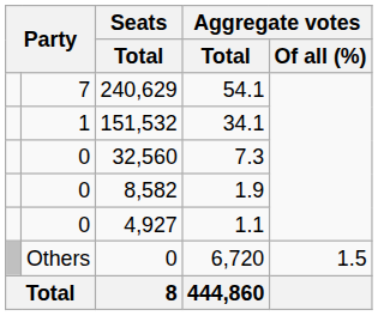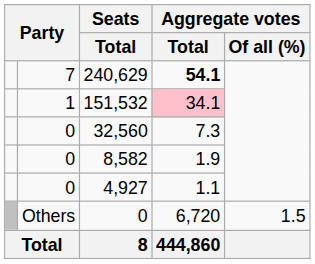 <table class="wikitable" style="text-align:right; font-size:95%;">
 <tr>
 <th colspan="2" rowspan="2">Party</th>
 <th>Seats</th>
 <th colspan="2">Aggregate votes</th>
 </tr>
 <tr>
 <th>Total</th>
 <th>Total</th>
 <th>Of all (%)</th>
 </tr>
 <tr>
 <td></td>
 <td>7</td>
 <td>240,629</td>
-<td>54.1</td>
+<td><strong>54.1</strong></td>
 </tr>
 <tr>
 <td></td>
 <td>1</td>
 <td>151,532</td>
-<td>34.1</td>
+<td style="background: pink;">34.1</td>
 </tr>
 <tr>
 <td></td>
 <td>0</td>
 <td>32,560</td>
 <td>7.3</td>
 </tr>
 <tr>
 <td></td>
 <td>0</td>
 <td>8,582</td>
 <td>1.9</td>
 </tr>
 <tr>
 <td></td>
 <td>0</td>
 <td>4,927</td>
 <td>1.1</td>
 </tr>
 <tr>
 <td style="background:silver;"> </td>
 <td align=left>Others</td>
 <td>0</td>
 <td>6,720</td>
 <td>1.5</td>
 </tr>
 <tr>
 <th colspan="2" style="background:#f2f2f2"><strong>Total</strong></th>
 <td style="background:#f2f2f2;"><strong>8</strong></td>
 <td style="background:#f2f2f2;"><strong>444,860</strong></td>
 <td style="background:#f2f2f2;"></td>
 </tr>
 </table>
